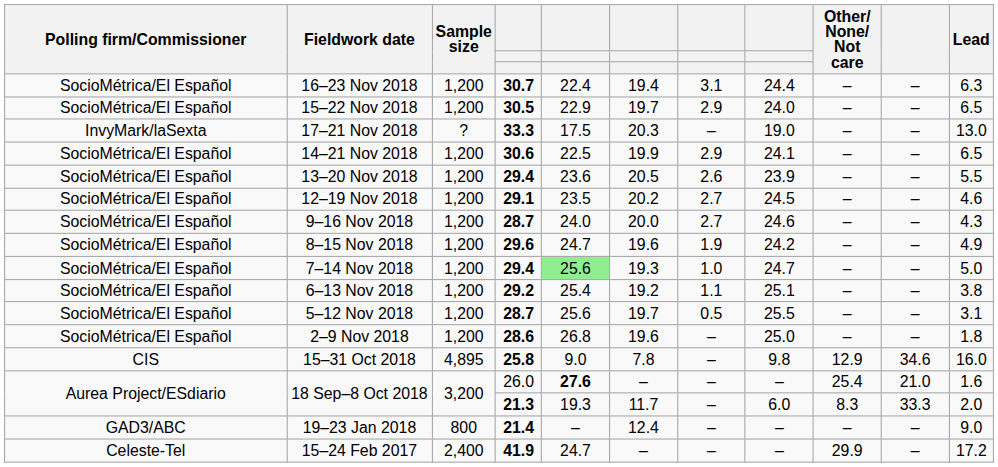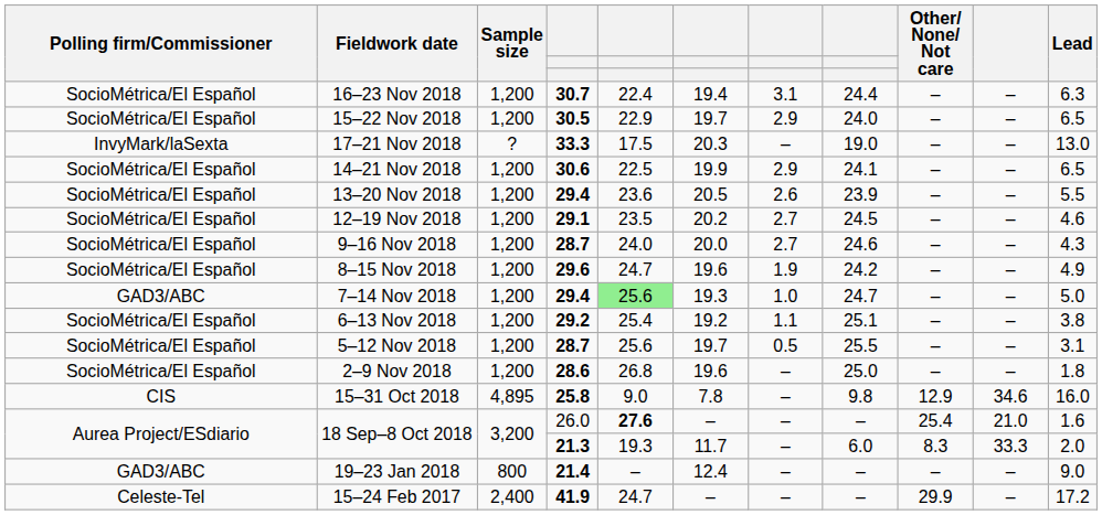 <table class="wikitable collapsible collapsed" style="text-align:center; font-size:90%; line-height:14px;">
 <tr style="height:42px;">
 <th style="width:250px;" rowspan="3">Polling firm/Commissioner</th>
 <th style="width:125px;" rowspan="3">Fieldwork date</th>
 <th style="width:50px;" rowspan="3">Sample size</th>
 <th style="width:35px;"></th>
 <th style="width:55px;"></th>
 <th style="width:55px;"></th>
 <th style="width:55px;"></th>
 <th style="width:55px;"></th>
 <th style="width:55px;" rowspan="3">Other/<br>None/<br>Not<br>care</th>
 <th style="width:55px;" rowspan="3"></th>
 <th style="width:30px;" rowspan="3">Lead</th>
 </tr>
 <tr>
 <th style="color:inherit;background:"></th>
 <th style="color:inherit;background:"></th>
 <th style="color:inherit;background:"></th>
 <th style="color:inherit;background:"></th>
 <th style="color:inherit;background:"></th>
 </tr>
 <tr>
 <th></th>
 <th></th>
 <th></th>
 <th></th>
 <th></th>
 </tr>
 <tr>
 <td>SocioMétrica/El Español</td>
 <td>16–23 Nov 2018</td>
 <td>1,200</td>
 <td><strong>30.7</strong></td>
 <td>22.4</td>
 <td>19.4</td>
 <td>3.1</td>
 <td>24.4</td>
 <td>–</td>
 <td>–</td>
 <td style="background:">6.3</td>
 </tr>
 <tr>
 <td>SocioMétrica/El Español</td>
 <td>15–22 Nov 2018</td>
 <td>1,200</td>
 <td><strong>30.5</strong></td>
 <td>22.9</td>
 <td>19.7</td>
 <td>2.9</td>
 <td>24.0</td>
 <td>–</td>
 <td>–</td>
 <td style="background:">6.5</td>
 </tr>
 <tr>
 <td>InvyMark/laSexta</td>
 <td>17–21 Nov 2018</td>
 <td>?</td>
 <td><strong>33.3</strong></td>
 <td>17.5</td>
 <td>20.3</td>
 <td>–</td>
 <td>19.0</td>
 <td>–</td>
 <td>–</td>
 <td style="background:">13.0</td>
 </tr>
 <tr>
 <td>SocioMétrica/El Español</td>
 <td>14–21 Nov 2018</td>
 <td>1,200</td>
 <td><strong>30.6</strong></td>
 <td>22.5</td>
 <td>19.9</td>
 <td>2.9</td>
 <td>24.1</td>
 <td>–</td>
 <td>–</td>
 <td style="background:">6.5</td>
 </tr>
 <tr>
 <td>SocioMétrica/El Español</td>
 <td>13–20 Nov 2018</td>
 <td>1,200</td>
 <td><strong>29.4</strong></td>
 <td>23.6</td>
 <td>20.5</td>
 <td>2.6</td>
 <td>23.9</td>
 <td>–</td>
 <td>–</td>
 <td style="background:">5.5</td>
 </tr>
 <tr>
 <td>SocioMétrica/El Español</td>
 <td>12–19 Nov 2018</td>
 <td>1,200</td>
 <td><strong>29.1</strong></td>
 <td>23.5</td>
 <td>20.2</td>
 <td>2.7</td>
 <td>24.5</td>
 <td>–</td>
 <td>–</td>
 <td style="background:">4.6</td>
 </tr>
 <tr>
 <td>SocioMétrica/El Español</td>
 <td>9–16 Nov 2018</td>
 <td>1,200</td>
 <td><strong>28.7</strong></td>
 <td>24.0</td>
 <td>20.0</td>
 <td>2.7</td>
 <td>24.6</td>
 <td>–</td>
 <td>–</td>
 <td style="background:">4.3</td>
 </tr>
 <tr>
 <td>SocioMétrica/El Español</td>
 <td>8–15 Nov 2018</td>
 <td>1,200</td>
 <td><strong>29.6</strong></td>
 <td>24.7</td>
 <td>19.6</td>
 <td>1.9</td>
 <td>24.2</td>
 <td>–</td>
 <td>–</td>
 <td style="background:">4.9</td>
 </tr>
 <tr>
-<td>SocioMétrica/El Español</td>
+<td>GAD3/ABC</td>
 <td>7–14 Nov 2018</td>
 <td>1,200</td>
 <td><strong>29.4</strong></td>
 <td style="background: lightgreen;">25.6</td>
 <td>19.3</td>
 <td>1.0</td>
 <td>24.7</td>
 <td>–</td>
 <td>–</td>
 <td style="background:">5.0</td>
 </tr>
 <tr>
 <td>SocioMétrica/El Español</td>
 <td>6–13 Nov 2018</td>
 <td>1,200</td>
 <td><strong>29.2</strong></td>
 <td>25.4</td>
 <td>19.2</td>
 <td>1.1</td>
 <td>25.1</td>
 <td>–</td>
 <td>–</td>
 <td style="background:">3.8</td>
 </tr>
 <tr>
 <td>SocioMétrica/El Español</td>
 <td>5–12 Nov 2018</td>
 <td>1,200</td>
 <td><strong>28.7</strong></td>
 <td>25.6</td>
 <td>19.7</td>
 <td>0.5</td>
 <td>25.5</td>
 <td>–</td>
 <td>–</td>
 <td style="background:">3.1</td>
 </tr>
 <tr>
 <td>SocioMétrica/El Español</td>
 <td>2–9 Nov 2018</td>
 <td>1,200</td>
 <td><strong>28.6</strong></td>
 <td>26.8</td>
 <td>19.6</td>
 <td>–</td>
 <td>25.0</td>
 <td>–</td>
 <td>–</td>
 <td style="background:">1.8</td>
 </tr>
 <tr>
 <td>CIS</td>
 <td>15–31 Oct 2018</td>
 <td>4,895</td>
 <td><strong>25.8</strong></td>
 <td>9.0</td>
 <td>7.8</td>
 <td>–</td>
 <td>9.8</td>
 <td>12.9</td>
 <td>34.6</td>
 <td style="background:">16.0</td>
 </tr>
 <tr>
 <td rowspan="2">Aurea Project/ESdiario</td>
 <td rowspan="2">18 Sep–8 Oct 2018</td>
 <td rowspan="2">3,200</td>
 <td>26.0</td>
 <td><strong>27.6</strong></td>
 <td>–</td>
 <td>–</td>
 <td>–</td>
 <td>25.4</td>
 <td>21.0</td>
 <td style="background:">1.6</td>
 </tr>
 <tr>
 <td><strong>21.3</strong></td>
 <td>19.3</td>
 <td>11.7</td>
 <td>–</td>
 <td>6.0</td>
 <td>8.3</td>
 <td>33.3</td>
 <td style="background:">2.0</td>
 </tr>
 <tr>
 <td>GAD3/ABC</td>
 <td>19–23 Jan 2018</td>
 <td>800</td>
 <td><strong>21.4</strong></td>
 <td>–</td>
 <td>12.4</td>
 <td>–</td>
 <td>–</td>
 <td>–</td>
 <td>–</td>
 <td style="background:">9.0</td>
 </tr>
 <tr>
 <td>Celeste-Tel</td>
 <td>15–24 Feb 2017</td>
 <td>2,400</td>
 <td><strong>41.9</strong></td>
 <td>24.7</td>
 <td>–</td>
 <td>–</td>
 <td>–</td>
 <td>29.9</td>
 <td>–</td>
 <td style="background:">17.2</td>
 </tr>
 </table>
